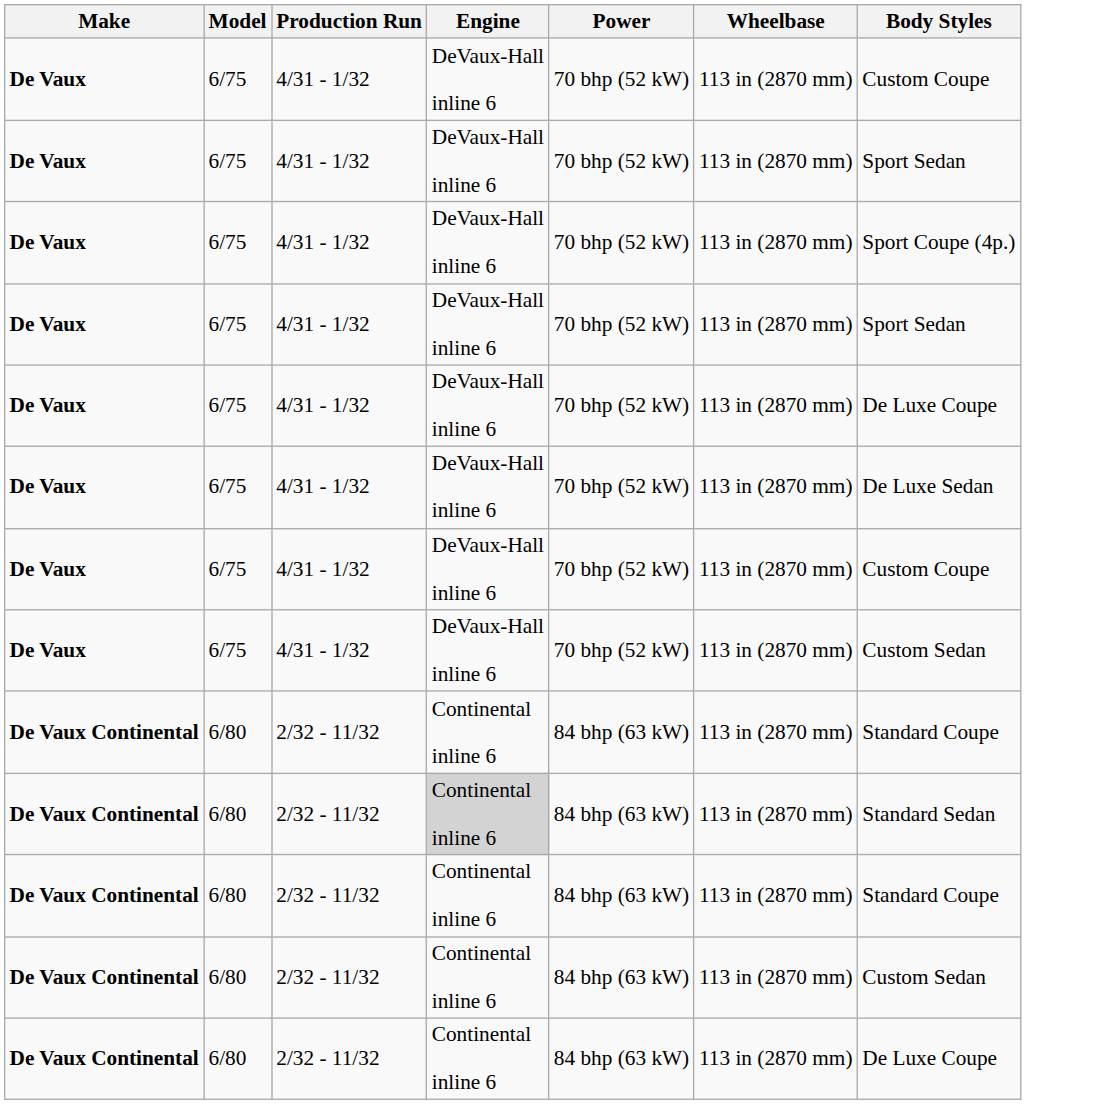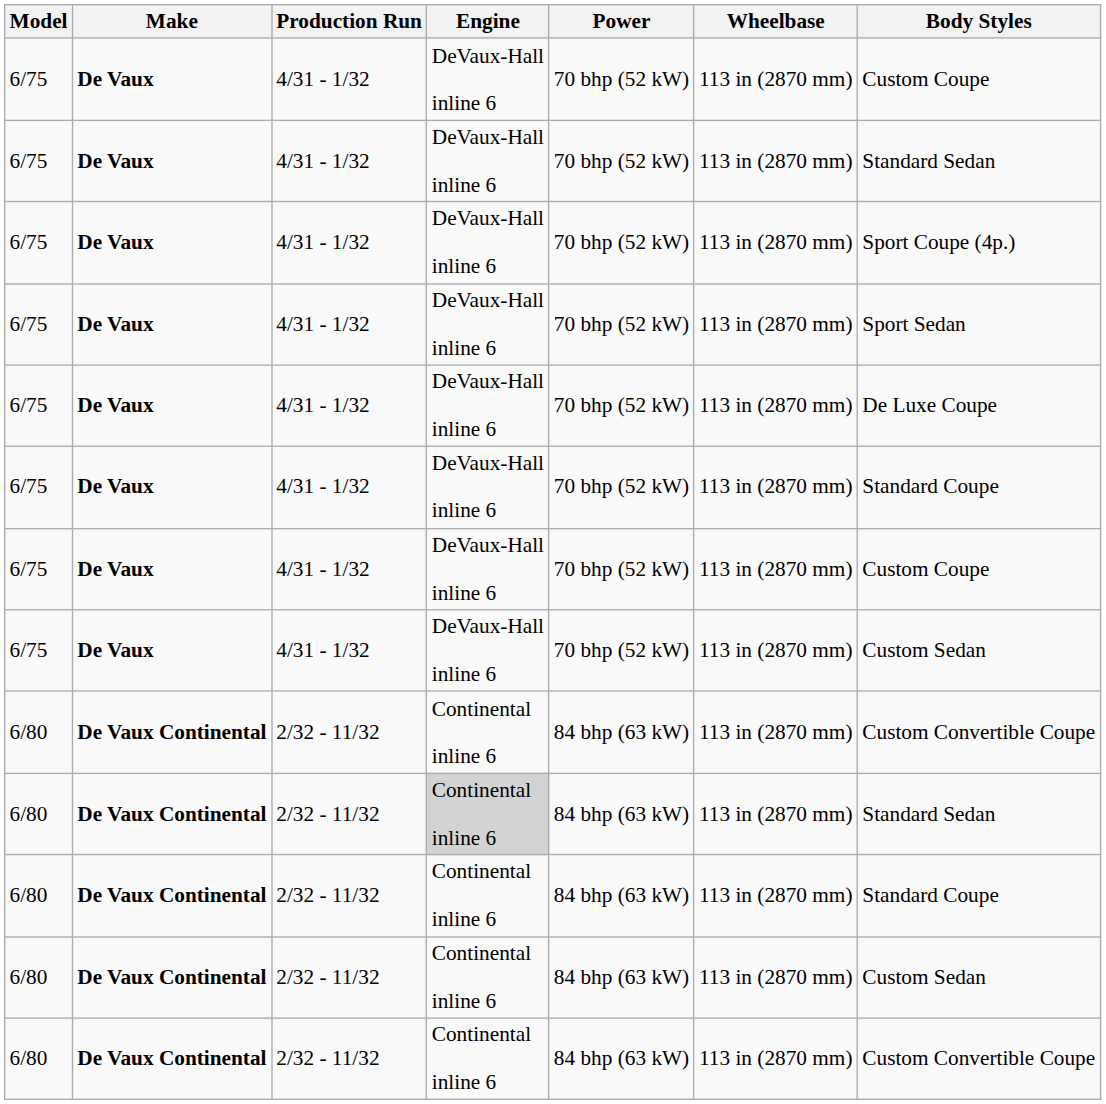 <table class="wikitable">
 <tr>
+<th>Model</th>
 <th>Make</th>
-<th>Model</th>
 <th>Production Run</th>
 <th>Engine</th>
 <th>Power</th>
 <th>Wheelbase</th>
 <th>Body Styles</th>
 </tr>
 <tr>
+<td>6/75</td>
 <td><strong>De Vaux</strong></td>
-<td>6/75</td>
 <td>4/31 - 1/32</td>
 <td>DeVaux-Hall<br><br>inline 6</td>
 <td>70 bhp (52 kW)</td>
 <td>113 in (2870 mm)</td>
 <td>Custom Coupe</td>
 </tr>
 <tr>
+<td>6/75</td>
 <td><strong>De Vaux</strong></td>
+<td>4/31 - 1/32</td>
+<td>DeVaux-Hall<br><br>inline 6</td>
+<td>70 bhp (52 kW)</td>
+<td>113 in (2870 mm)</td>
+<td>Standard Sedan</td>
+</tr>
+<tr>
 <td>6/75</td>
+<td><strong>De Vaux</strong></td>
+<td>4/31 - 1/32</td>
+<td>DeVaux-Hall<br><br>inline 6</td>
+<td>70 bhp (52 kW)</td>
+<td>113 in (2870 mm)</td>
+<td>Sport Coupe (4p.)</td>
+</tr>
+<tr>
+<td>6/75</td>
+<td><strong>De Vaux</strong></td>
 <td>4/31 - 1/32</td>
 <td>DeVaux-Hall<br><br>inline 6</td>
 <td>70 bhp (52 kW)</td>
 <td>113 in (2870 mm)</td>
 <td>Sport Sedan</td>
 </tr>
 <tr>
+<td>6/75</td>
 <td><strong>De Vaux</strong></td>
-<td>6/75</td>
-<td>4/31 - 1/32</td>
-<td>DeVaux-Hall<br><br>inline 6</td>
-<td>70 bhp (52 kW)</td>
-<td>113 in (2870 mm)</td>
-<td>Sport Coupe (4p.)</td>
-</tr>
-<tr>
-<td><strong>De Vaux</strong></td>
-<td>6/75</td>
-<td>4/31 - 1/32</td>
-<td>DeVaux-Hall<br><br>inline 6</td>
-<td>70 bhp (52 kW)</td>
-<td>113 in (2870 mm)</td>
-<td>Sport Sedan</td>
-</tr>
-<tr>
-<td><strong>De Vaux</strong></td>
-<td>6/75</td>
 <td>4/31 - 1/32</td>
 <td>DeVaux-Hall<br><br>inline 6</td>
 <td>70 bhp (52 kW)</td>
 <td>113 in (2870 mm)</td>
 <td>De Luxe Coupe</td>
 </tr>
 <tr>
+<td>6/75</td>
 <td><strong>De Vaux</strong></td>
-<td>6/75</td>
 <td>4/31 - 1/32</td>
 <td>DeVaux-Hall<br><br>inline 6</td>
 <td>70 bhp (52 kW)</td>
 <td>113 in (2870 mm)</td>
-<td>De Luxe Sedan</td>
+<td>Standard Coupe</td>
 </tr>
 <tr>
+<td>6/75</td>
 <td><strong>De Vaux</strong></td>
-<td>6/75</td>
 <td>4/31 - 1/32</td>
 <td>DeVaux-Hall<br><br>inline 6</td>
 <td>70 bhp (52 kW)</td>
 <td>113 in (2870 mm)</td>
 <td>Custom Coupe</td>
 </tr>
 <tr>
+<td>6/75</td>
 <td><strong>De Vaux</strong></td>
-<td>6/75</td>
 <td>4/31 - 1/32</td>
 <td>DeVaux-Hall<br><br>inline 6</td>
 <td>70 bhp (52 kW)</td>
 <td>113 in (2870 mm)</td>
 <td>Custom Sedan</td>
 </tr>
 <tr>
+<td>6/80</td>
 <td><strong>De Vaux Continental</strong></td>
+<td>2/32 - 11/32</td>
+<td>Continental<br><br>inline 6</td>
+<td>84 bhp (63 kW)</td>
+<td>113 in (2870 mm)</td>
+<td>Custom Convertible Coupe</td>
+</tr>
+<tr>
 <td>6/80</td>
+<td><strong>De Vaux Continental</strong></td>
+<td>2/32 - 11/32</td>
+<td style="background: lightgrey;">Continental<br><br>inline 6</td>
+<td>84 bhp (63 kW)</td>
+<td>113 in (2870 mm)</td>
+<td>Standard Sedan</td>
+</tr>
+<tr>
+<td>6/80</td>
+<td><strong>De Vaux Continental</strong></td>
 <td>2/32 - 11/32</td>
 <td>Continental<br><br>inline 6</td>
 <td>84 bhp (63 kW)</td>
 <td>113 in (2870 mm)</td>
 <td>Standard Coupe</td>
 </tr>
 <tr>
+<td>6/80</td>
 <td><strong>De Vaux Continental</strong></td>
-<td>6/80</td>
-<td>2/32 - 11/32</td>
-<td style="background: lightgrey;">Continental<br><br>inline 6</td>
-<td>84 bhp (63 kW)</td>
-<td>113 in (2870 mm)</td>
-<td>Standard Sedan</td>
-</tr>
-<tr>
-<td><strong>De Vaux Continental</strong></td>
-<td>6/80</td>
-<td>2/32 - 11/32</td>
-<td>Continental<br><br>inline 6</td>
-<td>84 bhp (63 kW)</td>
-<td>113 in (2870 mm)</td>
-<td>Standard Coupe</td>
-</tr>
-<tr>
-<td><strong>De Vaux Continental</strong></td>
-<td>6/80</td>
 <td>2/32 - 11/32</td>
 <td>Continental<br><br>inline 6</td>
 <td>84 bhp (63 kW)</td>
 <td>113 in (2870 mm)</td>
 <td>Custom Sedan</td>
 </tr>
 <tr>
+<td>6/80</td>
 <td><strong>De Vaux Continental</strong></td>
-<td>6/80</td>
 <td>2/32 - 11/32</td>
 <td>Continental<br><br>inline 6</td>
 <td>84 bhp (63 kW)</td>
 <td>113 in (2870 mm)</td>
-<td>De Luxe Coupe</td>
+<td>Custom Convertible Coupe</td>
 </tr>
 </table>
